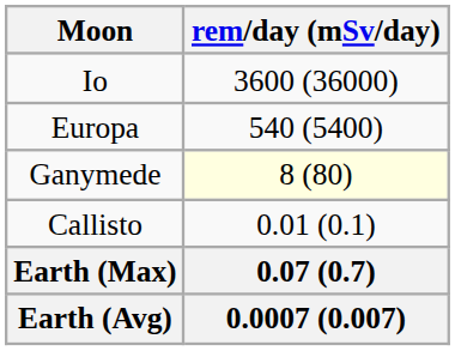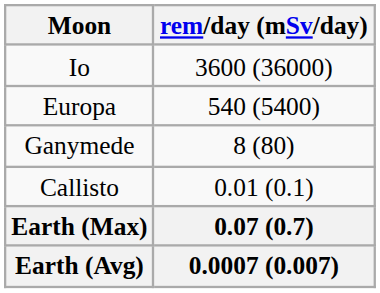 <table class=wikitable style="text-align:center; font-size:11px">
 <tr>
 <th>Moon</th>
 <th><a href='#'>rem</a>/day (m<a href='#'>Sv</a>/day)</th>
 </tr>
 <tr>
 <td>Io</td>
 <td>3600 (36000)</td>
 </tr>
 <tr>
 <td>Europa</td>
 <td>540 (5400)</td>
 </tr>
 <tr>
 <td>Ganymede</td>
-<td style="background: lightyellow;">8 (80)</td>
+<td>8 (80)</td>
 </tr>
 <tr>
 <td>Callisto</td>
 <td>0.01 (0.1)</td>
 </tr>
 <tr>
 <th>Earth (Max)</th>
 <th>0.07 (0.7)</th>
 </tr>
 <tr>
 <th>Earth (Avg)</th>
 <th>0.0007 (0.007)</th>
 </tr>
 </table>
